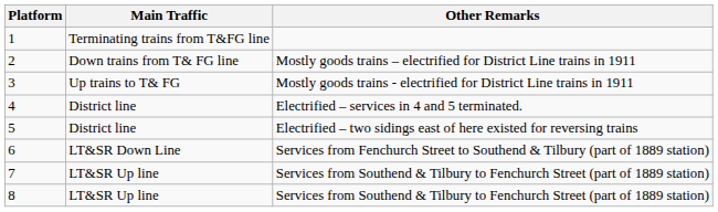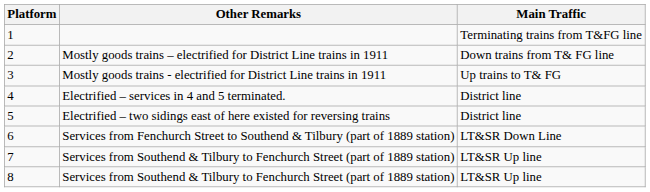 <table class="wikitable">
 <tr>
 <th>Platform</th>
+<th>Other Remarks</th>
 <th>Main Traffic</th>
-<th>Other Remarks</th>
 </tr>
 <tr>
 <td>1</td>
+<td></td>
 <td>Terminating trains from T&FG line</td>
-<td></td>
 </tr>
 <tr>
 <td>2</td>
+<td>Mostly goods trains – electrified for District Line trains in 1911</td>
 <td>Down trains from T& FG line</td>
-<td>Mostly goods trains – electrified for District Line trains in 1911</td>
 </tr>
 <tr>
 <td>3</td>
+<td>Mostly goods trains - electrified for District Line trains in 1911</td>
 <td>Up trains to T& FG</td>
-<td>Mostly goods trains - electrified for District Line trains in 1911</td>
 </tr>
 <tr>
 <td>4</td>
+<td>Electrified – services in 4 and 5 terminated.</td>
 <td>District line</td>
-<td>Electrified – services in 4 and 5 terminated.</td>
 </tr>
 <tr>
 <td>5</td>
+<td>Electrified – two sidings east of here existed for reversing trains</td>
 <td>District line</td>
-<td>Electrified – two sidings east of here existed for reversing trains</td>
 </tr>
 <tr>
 <td>6</td>
+<td>Services from Fenchurch Street to Southend & Tilbury (part of 1889 station)</td>
 <td>LT&SR Down Line</td>
-<td>Services from Fenchurch Street to Southend & Tilbury (part of 1889 station)</td>
 </tr>
 <tr>
 <td>7</td>
+<td>Services from Southend & Tilbury to Fenchurch Street (part of 1889 station)</td>
 <td>LT&SR Up line</td>
-<td>Services from Southend & Tilbury to Fenchurch Street (part of 1889 station)</td>
 </tr>
 <tr>
 <td>8</td>
+<td>Services from Southend & Tilbury to Fenchurch Street (part of 1889 station)</td>
 <td>LT&SR Up line</td>
-<td>Services from Southend & Tilbury to Fenchurch Street (part of 1889 station)</td>
 </tr>
 </table>
